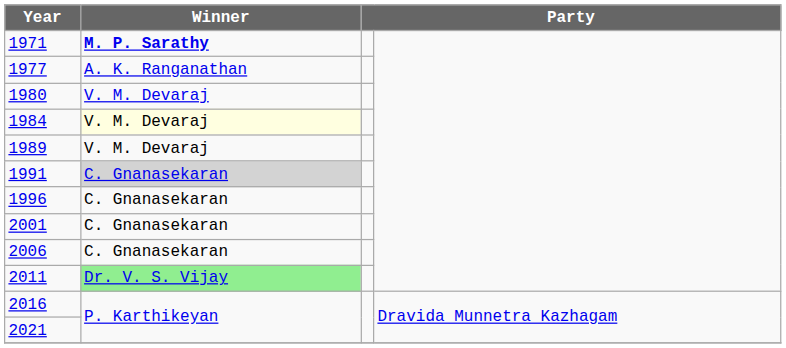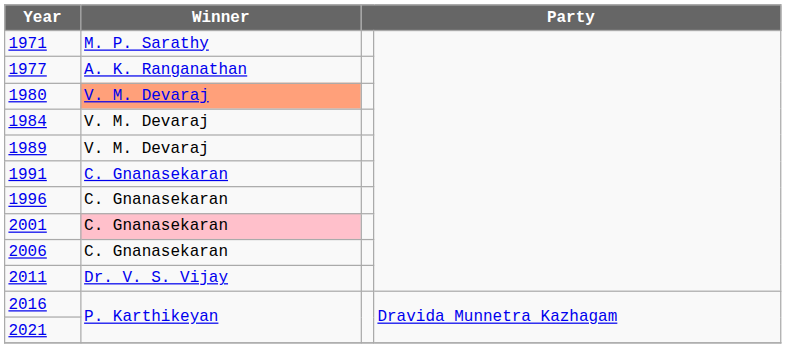 <table class="wikitable" width="50%">
 <tr>
 <th style="background-color:#666666; color:white">Year</th>
 <th style="background-color:#666666; color:white">Winner</th>
 <th style="background-color:#666666; color:white" colspan="2">Party</th>
 </tr>
 <tr>
 <td><a href='#'>1971</a></td>
-<td><strong><a href='#'>M. P. Sarathy</a></strong></td>
+<td><a href='#'>M. P. Sarathy</a></td>
 <td></td>
 </tr>
 <tr>
 <td><a href='#'>1977</a></td>
 <td><a href='#'>A. K. Ranganathan</a></td>
 <td></td>
 </tr>
 <tr>
 <td><a href='#'>1980</a></td>
-<td><a href='#'>V. M. Devaraj</a></td>
+<td style="background: lightsalmon;"><a href='#'>V. M. Devaraj</a></td>
 <td></td>
 </tr>
 <tr>
 <td><a href='#'>1984</a></td>
-<td style="background: lightyellow;">V. M. Devaraj</td>
+<td>V. M. Devaraj</td>
 <td></td>
 </tr>
 <tr>
 <td><a href='#'>1989</a></td>
 <td>V. M. Devaraj</td>
 <td></td>
 </tr>
 <tr>
 <td><a href='#'>1991</a></td>
-<td style="background: lightgrey;"><a href='#'>C. Gnanasekaran</a></td>
+<td><a href='#'>C. Gnanasekaran</a></td>
 <td></td>
 </tr>
 <tr>
 <td><a href='#'>1996</a></td>
 <td>C. Gnanasekaran</td>
 <td></td>
 </tr>
 <tr>
 <td><a href='#'>2001</a></td>
-<td>C. Gnanasekaran</td>
+<td style="background: pink;">C. Gnanasekaran</td>
 <td></td>
 </tr>
 <tr>
 <td><a href='#'>2006</a></td>
 <td>C. Gnanasekaran</td>
 <td></td>
 </tr>
 <tr>
 <td><a href='#'>2011</a></td>
-<td style="background: lightgreen;"><a href='#'>Dr. V. S. Vijay</a></td>
+<td><a href='#'>Dr. V. S. Vijay</a></td>
 <td></td>
 </tr>
 <tr>
 <td><a href='#'>2016</a></td>
 <td rowspan="2"><a href='#'>P. Karthikeyan</a></td>
 <td rowspan="2" style="background-color: "></td>
 <td rowspan="2"><a href='#'>Dravida Munnetra Kazhagam</a></td>
 </tr>
 <tr>
 <td><a href='#'>2021</a></td>
 </tr>
 <tr>
 </tr>
 </table>
